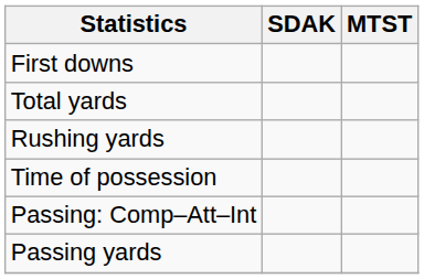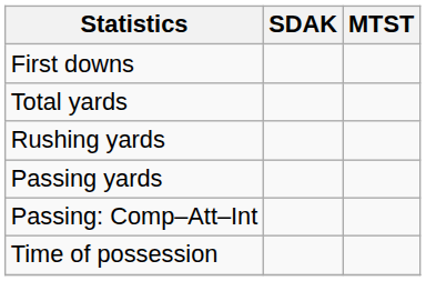 <table class="wikitable" style="float: left;">
 <tr>
 <th>Statistics</th>
 <th>SDAK</th>
 <th>MTST</th>
 </tr>
 <tr>
 <td>First downs</td>
 <td></td>
 <td></td>
 </tr>
 <tr>
 <td>Total yards</td>
 <td></td>
 <td></td>
 </tr>
 <tr>
 <td>Rushing yards</td>
 <td></td>
 <td></td>
 </tr>
 <tr>
-<td>Time of possession</td>
+<td>Passing yards</td>
 <td></td>
 <td></td>
 </tr>
 <tr>
 <td>Passing: Comp–Att–Int</td>
 <td></td>
 <td></td>
 </tr>
 <tr>
-<td>Passing yards</td>
+<td>Time of possession</td>
 <td></td>
 <td></td>
 </tr>
 <tr>
 </tr>
 </table>
